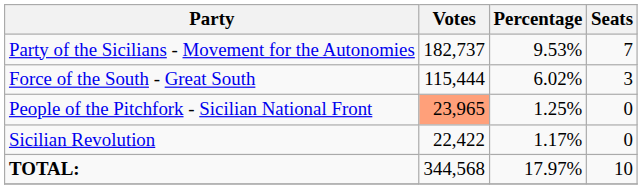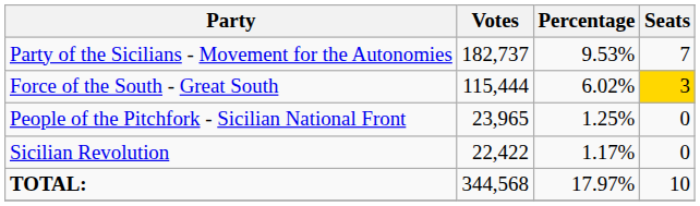 <table class="wikitable" style="text-align:right">
 <tr>
 <th>Party</th>
 <th>Votes</th>
 <th>Percentage</th>
 <th>Seats</th>
 </tr>
 <tr>
 <td style="text-align:left;"><a href='#'>Party of the Sicilians</a> - <a href='#'>Movement for the Autonomies</a></td>
 <td>182,737</td>
 <td>9.53%</td>
 <td>7</td>
 </tr>
 <tr>
 <td style="text-align:left;"><a href='#'>Force of the South</a> - <a href='#'>Great South</a></td>
 <td>115,444</td>
 <td>6.02%</td>
-<td>3</td>
+<td style="background: gold;">3</td>
 </tr>
 <tr>
 <td style="text-align:left;"><a href='#'>People of the Pitchfork</a> - <a href='#'>Sicilian National Front</a></td>
-<td style="background: lightsalmon;">23,965</td>
+<td>23,965</td>
 <td>1.25%</td>
 <td>0</td>
 </tr>
 <tr>
 <td style="text-align:left;"><a href='#'>Sicilian Revolution</a></td>
 <td>22,422</td>
 <td>1.17%</td>
 <td>0</td>
 </tr>
 <tr>
 <td style="text-align:left;"><strong>TOTAL:</strong></td>
 <td>344,568</td>
 <td>17.97%</td>
 <td>10</td>
 </tr>
 <tr>
 </tr>
 </table>
